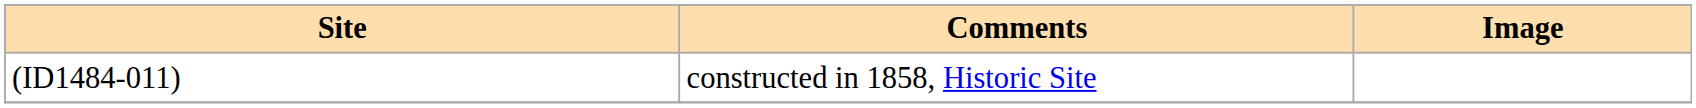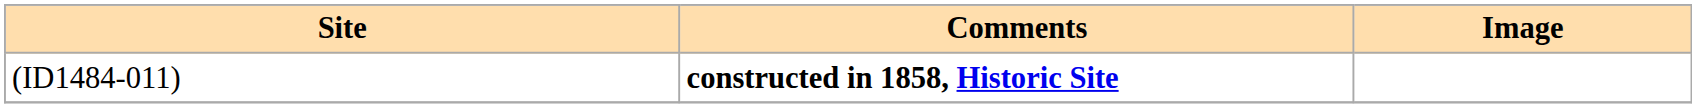 <table class="wikitable sortable"  width="100%" style="background:#ffffff;">
 <tr>
 <th width="40%" align="left" style="background:#ffdead;">Site</th>
 <th width="40%" align="left" style="background:#ffdead;" class="unsortable">Comments</th>
 <th width="20" align="left" style="background:#ffdead;" class="unsortable">Image</th>
 </tr>
 <tr>
 <td> (ID1484-011) </td>
-<td>constructed in 1858, <a href='#'>Historic Site</a></td>
+<td><strong>constructed in 1858, <a href='#'>Historic Site</a></strong></td>
 <td></td>
 </tr>
 <tr>
 </tr>
 </table>
